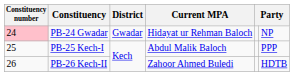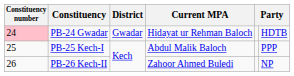 <table class="wikitable">
 <tr>
 <th width="50px" style="font-size:75%">Constituency number</th>
 <th>Constituency</th>
 <th>District</th>
 <th>Current MPA</th>
 <th colspan="2">Party</th>
 </tr>
 <tr>
 <td style="background: pink;">24</td>
 <td><a href='#'>PB-24 Gwadar</a></td>
 <td><a href='#'>Gwadar</a></td>
 <td><a href='#'>Hidayat ur Rehman Baloch</a></td>
 <td></td>
-<td><a href='#'>NP</a></td>
+<td><a href='#'>HDTB</a></td>
 </tr>
 <tr>
 <td>25</td>
 <td><a href='#'>PB-25 Kech-I</a></td>
 <td rowspan="2"><a href='#'>Kech</a></td>
 <td><a href='#'>Abdul Malik Baloch</a></td>
 <td></td>
 <td><a href='#'>PPP</a></td>
 </tr>
 <tr>
 <td>26</td>
 <td><a href='#'>PB-26 Kech-II</a></td>
 <td><a href='#'>Zahoor Ahmed Buledi</a></td>
 <td></td>
-<td><a href='#'>HDTB</a></td>
+<td><a href='#'>NP</a></td>
 </tr>
 </table>
